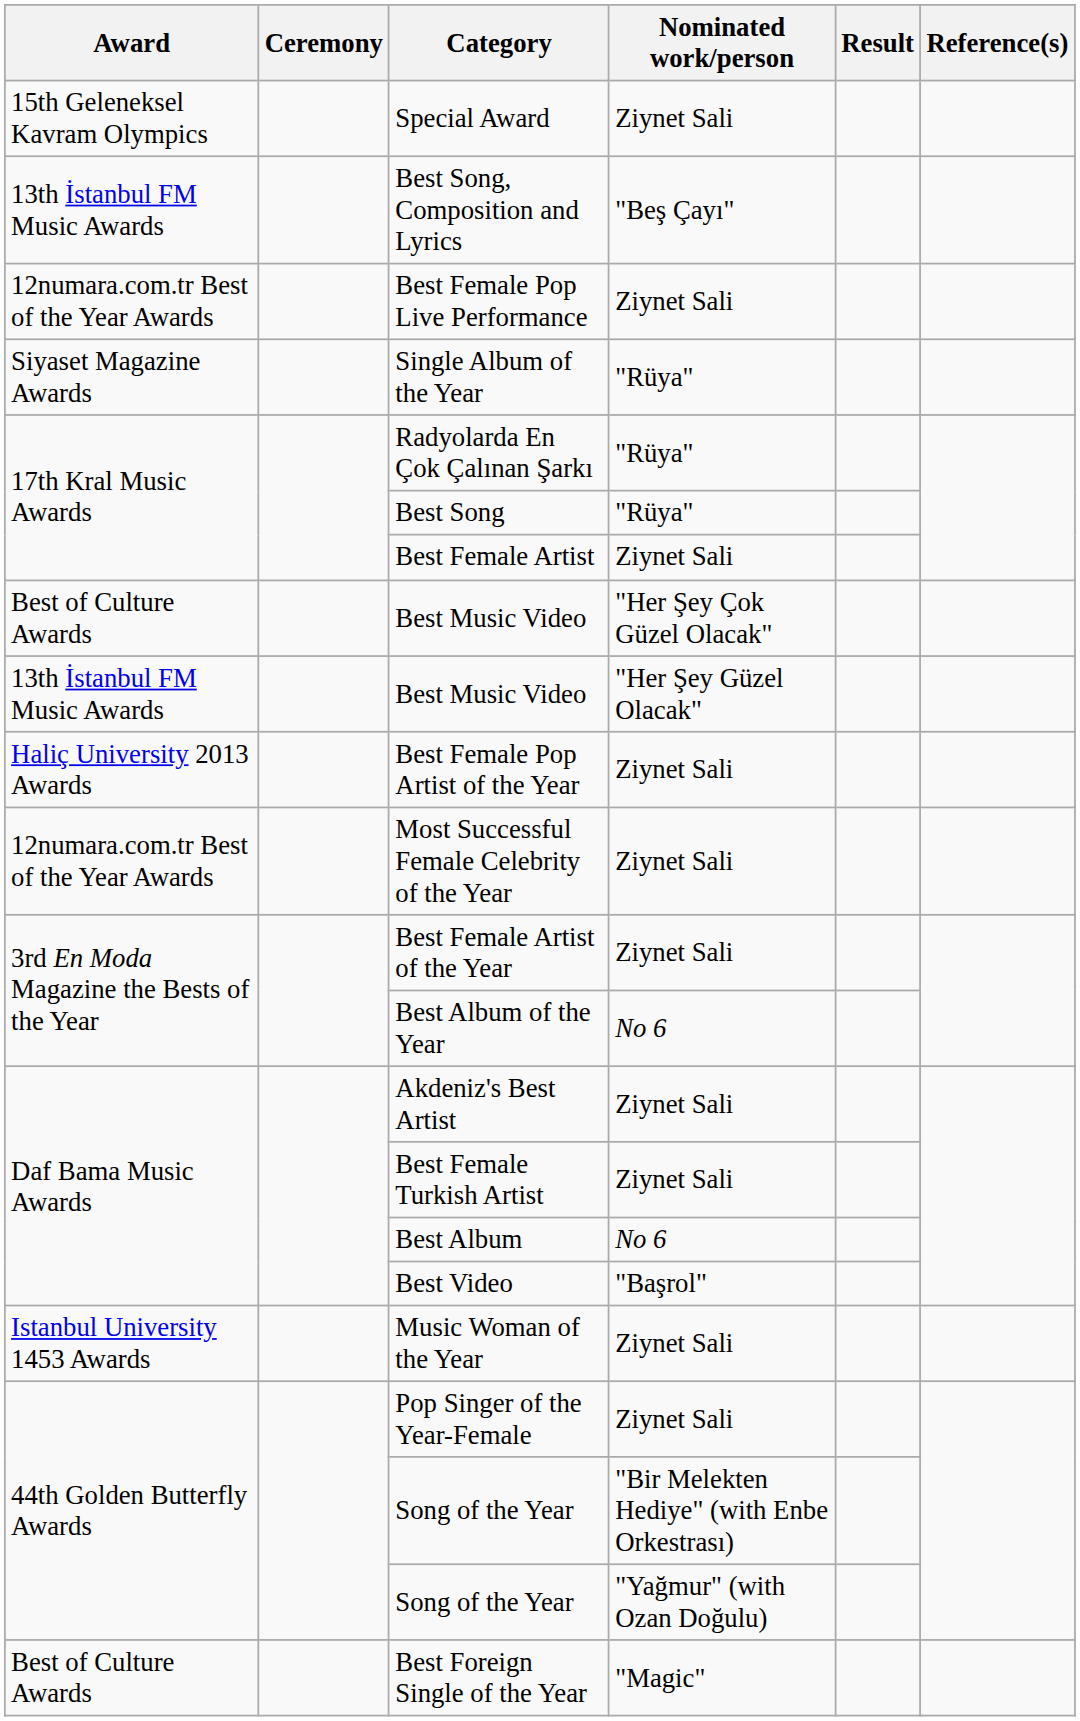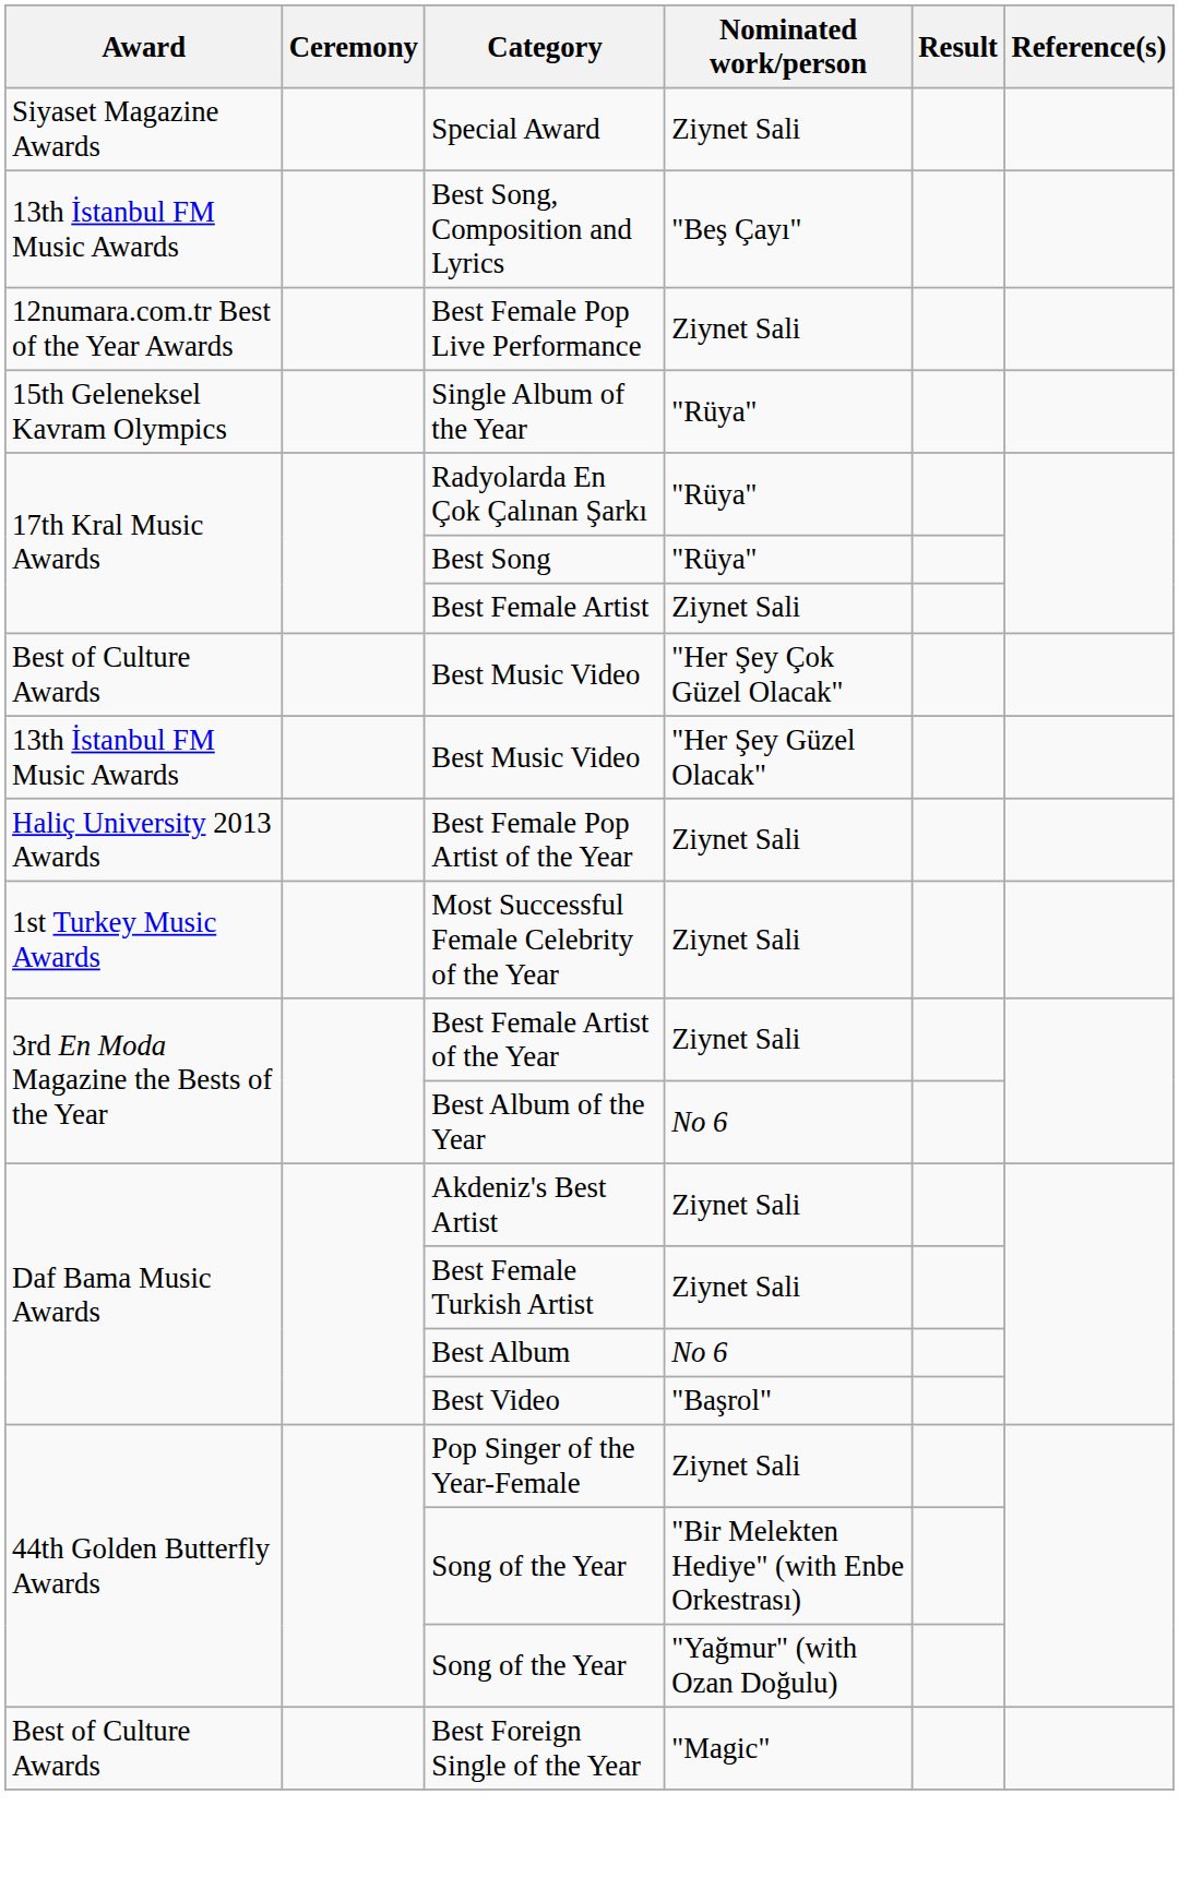 <table class="wikitable sortable" style="font-size: 95%; valign:center">
 <tr>
 <th scope="col">Award</th>
 <th scope="col">Ceremony</th>
 <th scope="col">Category</th>
 <th scope="col">Nominated work/person</th>
 <th scope="col">Result</th>
 <th scope="col" class="unsortable">Reference(s)</th>
 </tr>
 <tr>
-<td>15th Geleneksel Kavram Olympics</td>
+<td>Siyaset Magazine Awards</td>
 <td></td>
 <td>Special Award</td>
 <td>Ziynet Sali</td>
 <td></td>
 <td style="text-align:center;"></td>
 </tr>
 <tr>
 <td>13th <a href='#'>İstanbul FM</a> Music Awards</td>
 <td></td>
 <td>Best Song, Composition and Lyrics</td>
 <td>"Beş Çayı"</td>
 <td></td>
 <td style="text-align:center;"></td>
 </tr>
 <tr>
 <td>12numara.com.tr Best of the Year Awards</td>
 <td></td>
 <td>Best Female Pop Live Performance</td>
 <td>Ziynet Sali</td>
 <td></td>
 <td style="text-align:center;"></td>
 </tr>
 <tr>
-<td>Siyaset Magazine Awards</td>
+<td>15th Geleneksel Kavram Olympics</td>
 <td></td>
 <td>Single Album of the Year</td>
 <td>"Rüya"</td>
 <td></td>
 <td style="text-align:center;"></td>
 </tr>
 <tr>
 <td rowspan=3>17th Kral Music Awards</td>
 <td rowspan=3></td>
 <td>Radyolarda En Çok Çalınan Şarkı</td>
 <td>"Rüya"</td>
 <td></td>
 <td rowspan=3 style="text-align:center;"></td>
 </tr>
 <tr>
 <td>Best Song</td>
 <td>"Rüya"</td>
 <td></td>
 </tr>
 <tr>
 <td>Best Female Artist</td>
 <td>Ziynet Sali</td>
 <td></td>
 </tr>
 <tr>
 <td>Best of Culture Awards</td>
 <td></td>
 <td>Best Music Video</td>
 <td>"Her Şey Çok Güzel Olacak"</td>
 <td></td>
 <td style="text-align:center;"></td>
 </tr>
 <tr>
 <td>13th <a href='#'>İstanbul FM</a> Music Awards</td>
 <td></td>
 <td>Best Music Video</td>
 <td>"Her Şey Güzel Olacak"</td>
 <td></td>
 <td style="text-align:center;"></td>
 </tr>
 <tr>
 <td><a href='#'>Haliç University</a> 2013 Awards</td>
 <td></td>
 <td>Best Female Pop Artist of the Year</td>
 <td>Ziynet Sali</td>
 <td></td>
 <td style="text-align:center;"></td>
 </tr>
 <tr>
-<td>12numara.com.tr Best of the Year Awards</td>
+<td>1st <a href='#'>Turkey Music Awards</a></td>
 <td></td>
 <td>Most Successful Female Celebrity of the Year</td>
 <td>Ziynet Sali</td>
 <td></td>
 <td style="text-align:center;"></td>
 </tr>
 <tr>
 <td rowspan=2>3rd <em>En Moda</em> Magazine the Bests of the Year</td>
 <td rowspan=2></td>
 <td>Best Female Artist of the Year</td>
 <td>Ziynet Sali</td>
 <td></td>
 <td rowspan=2 style="text-align:center;"></td>
 </tr>
 <tr>
 <td>Best Album of the Year</td>
 <td><em>No 6</em></td>
 <td></td>
 </tr>
 <tr>
 <td rowspan=4>Daf Bama Music Awards</td>
 <td rowspan=4></td>
 <td>Akdeniz's Best Artist</td>
 <td>Ziynet Sali</td>
 <td></td>
 <td rowspan=4 style="text-align:center;"></td>
 </tr>
 <tr>
 <td>Best Female Turkish Artist</td>
 <td>Ziynet Sali</td>
 <td></td>
 </tr>
 <tr>
 <td>Best Album</td>
 <td><em>No 6</em></td>
 <td></td>
 </tr>
 <tr>
 <td>Best Video</td>
 <td>"Başrol"</td>
 <td></td>
 </tr>
 <tr>
-<td><a href='#'>Istanbul University</a> 1453 Awards</td>
-<td></td>
-<td>Music Woman of the Year</td>
-<td>Ziynet Sali</td>
-<td></td>
-<td style="text-align:center;"></td>
-</tr>
-<tr>
 <td rowspan=3>44th Golden Butterfly Awards</td>
 <td rowspan=3></td>
 <td>Pop Singer of the Year-Female</td>
 <td>Ziynet Sali</td>
 <td></td>
 <td rowspan=3 style="text-align:center;"></td>
 </tr>
 <tr>
 <td>Song of the Year</td>
 <td>"Bir Melekten Hediye" (with Enbe Orkestrası)</td>
 <td></td>
 </tr>
 <tr>
 <td>Song of the Year</td>
 <td>"Yağmur" (with Ozan Doğulu)</td>
 <td></td>
 </tr>
 <tr>
 <td>Best of Culture Awards</td>
 <td></td>
 <td>Best Foreign Single of the Year</td>
 <td>"Magic"</td>
 <td></td>
 <td style="text-align:center;"></td>
 </tr>
 </table>
